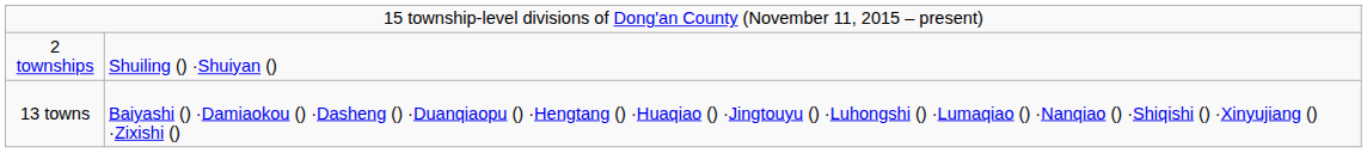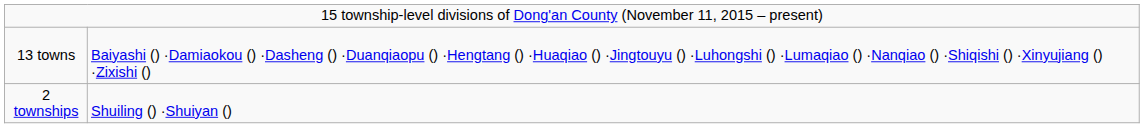 <table class="wikitable">
 <tr>
 <td style="text-align:center;" colspan="2">15 township-level divisions of <a href='#'>Dong'an County</a> (November 11, 2015 – present)</td>
 </tr>
 <tr align=left>
+<td align=center>13 towns</td>
+<td><br><a href='#'>Baiyashi</a> () ·<a href='#'>Damiaokou</a> () ·<a href='#'>Dasheng</a> () ·<a href='#'>Duanqiaopu</a> () ·<a href='#'>Hengtang</a> () ·<a href='#'>Huaqiao</a> () ·<a href='#'>Jingtouyu</a> () ·<a href='#'>Luhongshi</a> () ·<a href='#'>Lumaqiao</a> () ·<a href='#'>Nanqiao</a> () ·<a href='#'>Shiqishi</a> () ·<a href='#'>Xinyujiang</a> () ·<a href='#'>Zixishi</a> ()</td>
+</tr>
+<tr align=left>
 <td align=center>2 <a href='#'>townships</a></td>
 <td><br><a href='#'>Shuiling</a> () ·<a href='#'>Shuiyan</a> ()</td>
 </tr>
-<tr align=left>
-<td align=center>13 towns</td>
-<td><br><a href='#'>Baiyashi</a> () ·<a href='#'>Damiaokou</a> () ·<a href='#'>Dasheng</a> () ·<a href='#'>Duanqiaopu</a> () ·<a href='#'>Hengtang</a> () ·<a href='#'>Huaqiao</a> () ·<a href='#'>Jingtouyu</a> () ·<a href='#'>Luhongshi</a> () ·<a href='#'>Lumaqiao</a> () ·<a href='#'>Nanqiao</a> () ·<a href='#'>Shiqishi</a> () ·<a href='#'>Xinyujiang</a> () ·<a href='#'>Zixishi</a> ()</td>
-</tr>
 </table>
